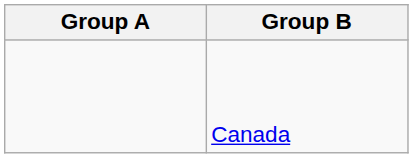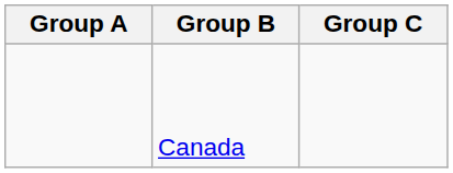 <table class="wikitable">
 <tr>
 <th width=25%>Group A</th>
 <th width=25%>Group B</th>
+<th width=25%>Group C</th>
 </tr>
 <tr>
 <td><br><br> <br> </td>
 <td><br><br> <br>  <a href='#'>Canada</a></td>
+<td><br><br> <br> <br> </td>
 </tr>
 </table>
